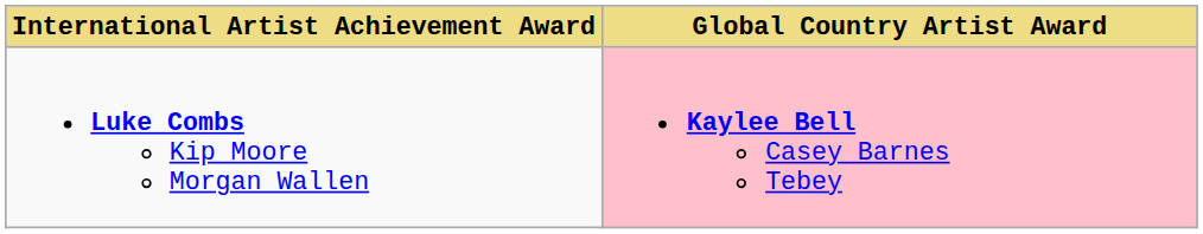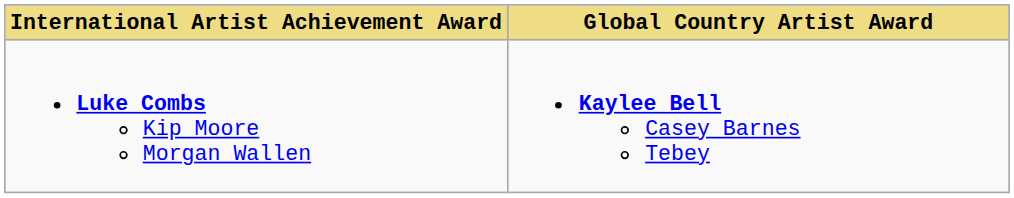 <table class="wikitable">
 <tr>
 <th style="background:#EEDD85;" width="50%">International Artist Achievement Award</th>
 <th style="background:#EEDD85;" width="50%">Global Country Artist Award</th>
 </tr>
 <tr>
 <td valign="top"><br><ul><li><strong><a href='#'>Luke Combs</a></strong><ul><li><a href='#'>Kip Moore</a></li><li><a href='#'>Morgan Wallen</a></li></ul></li></ul></td>
-<td valign="top" style="background: pink;"><br><ul><li><strong><a href='#'>Kaylee Bell</a></strong><ul><li><a href='#'>Casey Barnes</a></li><li><a href='#'>Tebey</a></li></ul></li></ul></td>
+<td valign="top"><br><ul><li><strong><a href='#'>Kaylee Bell</a></strong><ul><li><a href='#'>Casey Barnes</a></li><li><a href='#'>Tebey</a></li></ul></li></ul></td>
 </tr>
 </table>
